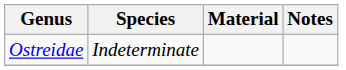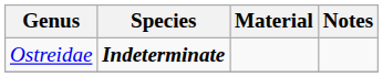 <table class="wikitable" align="center">
 <tr>
 <th>Genus</th>
 <th>Species</th>
 <th>Material</th>
 <th>Notes</th>
 </tr>
 <tr>
 <td><em><a href='#'>Ostreidae</a></em></td>
-<td><em>Indeterminate</em></td>
+<td><strong><em>Indeterminate</em></strong></td>
 <td></td>
 <td></td>
 </tr>
 <tr>
 </tr>
 </table>
